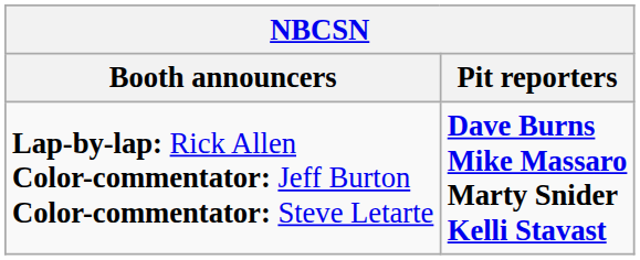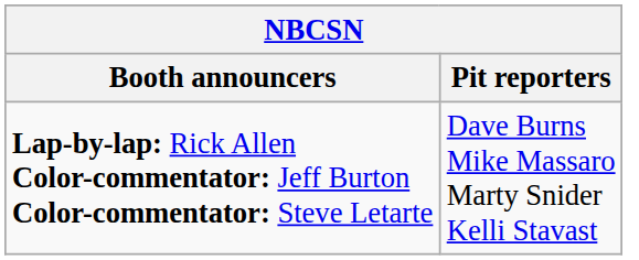 <table class="wikitable" style="font-size: 95%;">
 <tr>
 <th colspan="2"><a href='#'>NBCSN</a></th>
 </tr>
 <tr>
 <th>Booth announcers</th>
 <th>Pit reporters</th>
 </tr>
 <tr>
 <td><strong>Lap-by-lap:</strong> <a href='#'>Rick Allen</a><br><strong>Color-commentator:</strong> <a href='#'>Jeff Burton</a><br><strong>Color-commentator:</strong> <a href='#'>Steve Letarte</a></td>
-<td><strong><a href='#'>Dave Burns</a><br><a href='#'>Mike Massaro</a><br>Marty Snider<br><a href='#'>Kelli Stavast</a></strong></td>
+<td><a href='#'>Dave Burns</a><br><a href='#'>Mike Massaro</a><br>Marty Snider<br><a href='#'>Kelli Stavast</a></td>
 </tr>
 </table>
